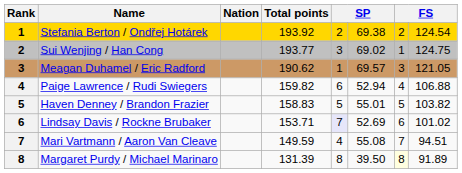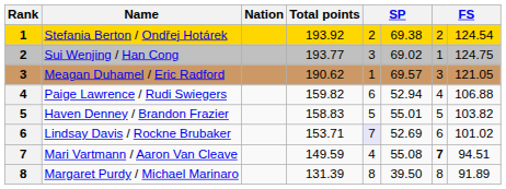 <table class="wikitable sortable">
 <tr>
 <th>Rank</th>
 <th>Name</th>
 <th>Nation</th>
 <th>Total points</th>
 <th colspan="2" width="80px"><a href='#'>SP</a></th>
 <th colspan="2" width="80px"><a href='#'>FS</a></th>
 </tr>
 <tr bgcolor="gold">
 <td align="center"><strong>1</strong></td>
 <td><a href='#'>Stefania Berton</a> / <a href='#'>Ondřej Hotárek</a></td>
 <td></td>
 <td align="center">193.92</td>
 <td align="center">2</td>
 <td align="center">69.38</td>
 <td align="center">2</td>
 <td align="center">124.54</td>
 </tr>
 <tr bgcolor="silver">
 <td align="center"><strong>2</strong></td>
 <td><a href='#'>Sui Wenjing</a> / <a href='#'>Han Cong</a></td>
 <td></td>
 <td align="center">193.77</td>
 <td align="center">3</td>
 <td align="center">69.02</td>
 <td align="center">1</td>
 <td align="center">124.75</td>
 </tr>
 <tr bgcolor="cc9966">
 <td align="center"><strong>3</strong></td>
 <td><a href='#'>Meagan Duhamel</a> / <a href='#'>Eric Radford</a></td>
 <td></td>
 <td align="center">190.62</td>
 <td align="center">1</td>
 <td align="center">69.57</td>
 <td align="center">3</td>
 <td align="center">121.05</td>
 </tr>
 <tr>
 <th>4</th>
 <td><a href='#'>Paige Lawrence</a> / <a href='#'>Rudi Swiegers</a></td>
 <td></td>
 <td align="center">159.82</td>
 <td align="center">6</td>
 <td align="center">52.94</td>
 <td align="center">4</td>
 <td align="center">106.88</td>
 </tr>
 <tr>
 <th>5</th>
 <td><a href='#'>Haven Denney</a> / <a href='#'>Brandon Frazier</a></td>
 <td></td>
 <td align="center">158.83</td>
 <td align="center">5</td>
 <td align="center">55.01</td>
 <td align="center">5</td>
 <td align="center">103.82</td>
 </tr>
 <tr>
 <th>6</th>
 <td><a href='#'>Lindsay Davis</a> / <a href='#'>Rockne Brubaker</a></td>
 <td></td>
 <td align="center">153.71</td>
 <td align="center" style="background: lavender;">7</td>
 <td align="center">52.69</td>
 <td align="center">6</td>
 <td align="center">101.02</td>
 </tr>
 <tr>
 <th>7</th>
 <td><a href='#'>Mari Vartmann</a> / <a href='#'>Aaron Van Cleave</a></td>
 <td></td>
 <td align="center">149.59</td>
 <td align="center">4</td>
 <td align="center">55.08</td>
-<td align="center">7</td>
+<td align="center"><strong>7</strong></td>
 <td align="center">94.51</td>
 </tr>
 <tr>
 <th>8</th>
 <td><a href='#'>Margaret Purdy</a> / <a href='#'>Michael Marinaro</a></td>
 <td></td>
 <td align="center">131.39</td>
 <td align="center">8</td>
 <td align="center">39.50</td>
-<td align="center" style="background: lightyellow;">8</td>
+<td align="center">8</td>
 <td align="center">91.89</td>
 </tr>
 </table>
